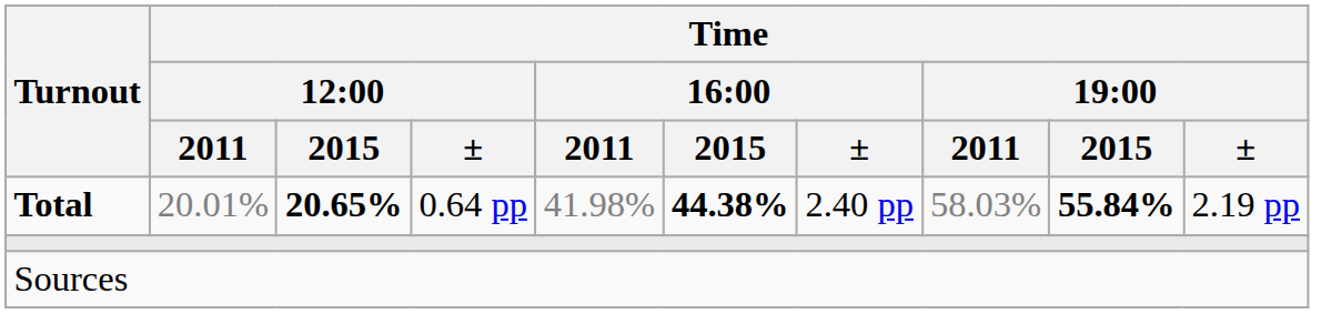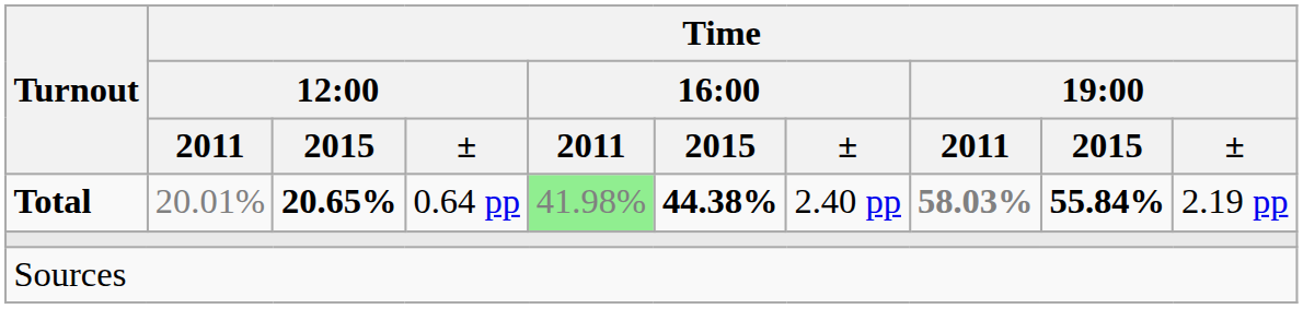 <table class="wikitable sortable" style="text-align:right;">
 <tr>
 <th rowspan="3">Turnout</th>
 <th colspan="9">Time</th>
 </tr>
 <tr>
 <th colspan="3">12:00</th>
 <th colspan="3">16:00</th>
 <th colspan="3">19:00</th>
 </tr>
 <tr>
 <th>2011</th>
 <th>2015</th>
 <th>±</th>
 <th>2011</th>
 <th>2015</th>
 <th>±</th>
 <th>2011</th>
 <th>2015</th>
 <th>±</th>
 </tr>
 <tr>
 <td align="left"><strong>Total</strong></td>
 <td style="color:gray;">20.01%</td>
 <td><strong>20.65%</strong></td>
 <td> 0.64 <a href='#'>pp</a></td>
-<td style="color:gray;">41.98%</td>
+<td style="background: lightgreen; color:gray;">41.98%</td>
 <td><strong>44.38%</strong></td>
 <td> 2.40 <a href='#'>pp</a></td>
-<td style="color:gray;">58.03%</td>
+<td style="color:gray;"><strong>58.03%</strong></td>
 <td><strong>55.84%</strong></td>
 <td> 2.19 <a href='#'>pp</a></td>
 </tr>
 <tr>
 <td colspan="10" bgcolor="#E9E9E9"></td>
 </tr>
 <tr>
 <td align="left" colspan="10">Sources</td>
 </tr>
 </table>
